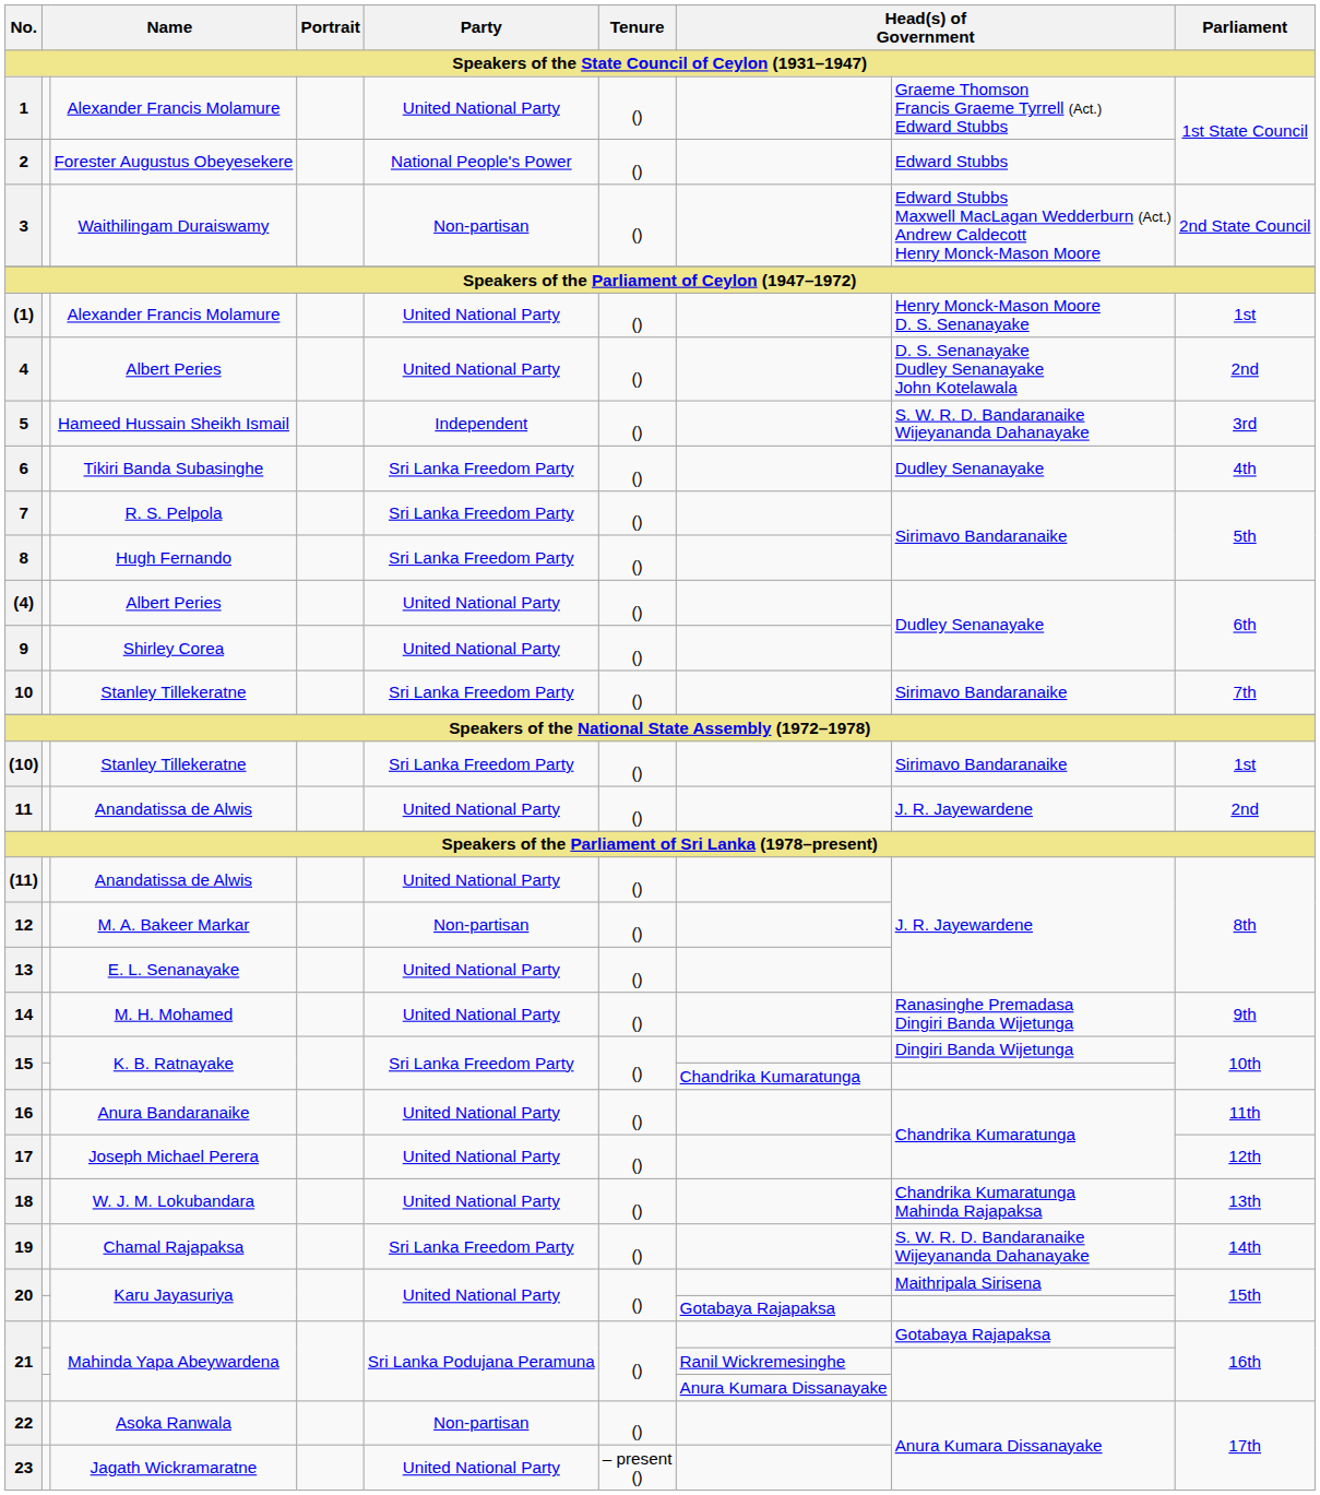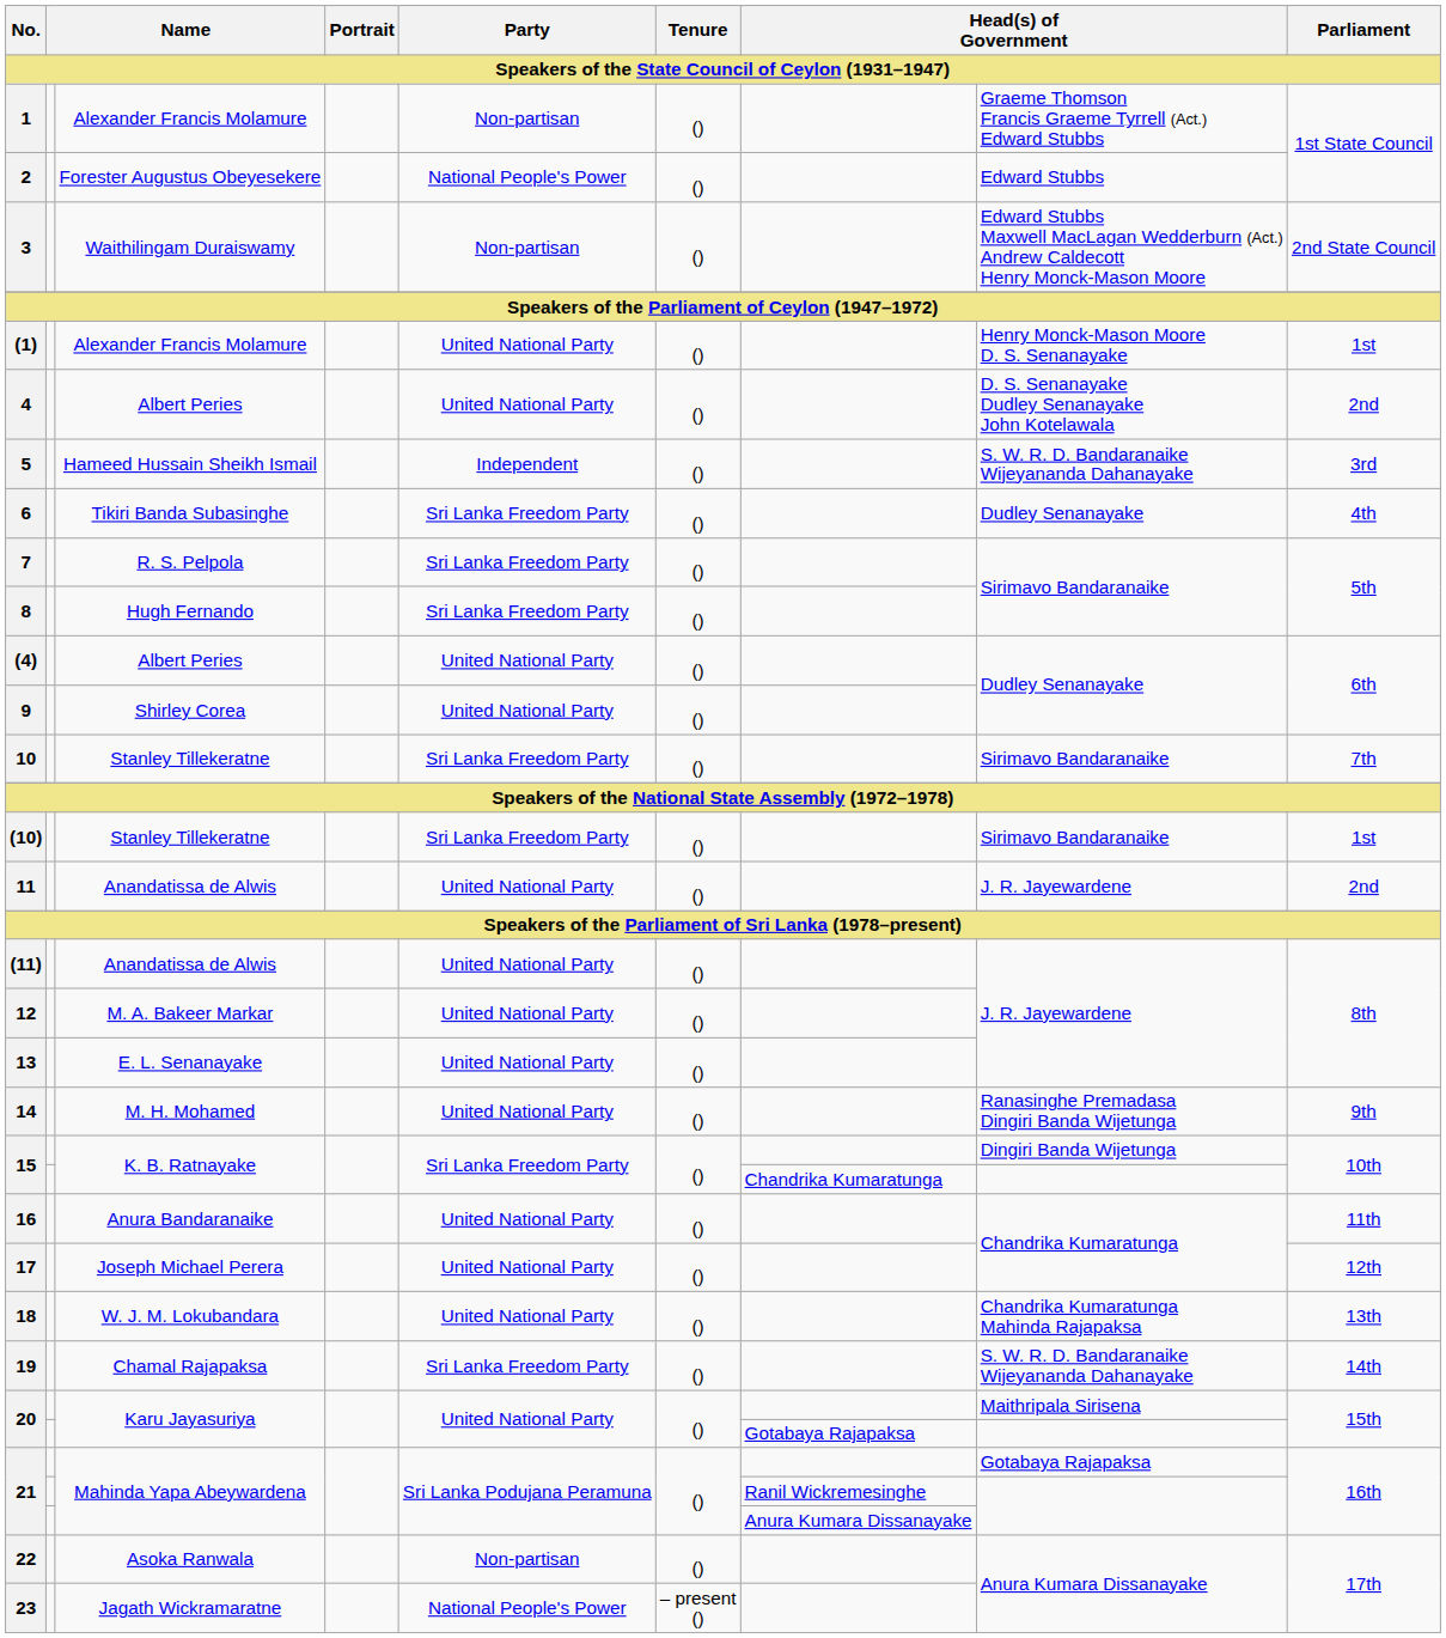 <table class="wikitable sticky-header" style="font-size:90%; text-align:center;">
 <tr>
 <th>No.</th>
 <th colspan="2">Name</th>
 <th>Portrait</th>
 <th>Party</th>
 <th>Tenure</th>
 <th colspan="2">Head(s) of <br> Government</th>
 <th>Parliament</th>
 </tr>
 <tr style="background:#F0E68C;">
 <td colspan="9"><strong>Speakers of the <a href='#'>State Council of Ceylon</a> (1931–1947)</strong></td>
 </tr>
 <tr>
 <th rowspan="1">1</th>
 <td align="center" style="background:"></td>
 <td rowspan="1"><a href='#'>Alexander Francis Molamure</a></td>
 <td rowspan="1"></td>
-<td rowspan="1"><a href='#'>United National Party</a></td>
+<td rowspan="1"><a href='#'>Non-partisan</a></td>
 <td> <br> ()</td>
 <td rowspan="1" style="background: "></td>
 <td rowspan="1" align=left><a href='#'>Graeme Thomson</a> <br> <a href='#'>Francis Graeme Tyrrell</a> <small>(Act.)</small> <br> <a href='#'>Edward Stubbs</a></td>
 <td rowspan="2"><a href='#'>1st State Council</a></td>
 </tr>
 <tr>
 <th rowspan="1">2</th>
 <td align="center" style="background:"></td>
 <td rowspan="1"><a href='#'>Forester Augustus Obeyesekere</a></td>
 <td rowspan="1"></td>
 <td rowspan="1"><a href='#'>National People's Power</a></td>
 <td> <br> ()</td>
 <td rowspan="1" style="background: "></td>
 <td rowspan="1" align=left><a href='#'>Edward Stubbs</a></td>
 </tr>
 <tr>
 <th rowspan="1">3</th>
 <td align="center" style="background:"></td>
 <td rowspan="1"><a href='#'>Waithilingam Duraiswamy</a></td>
 <td rowspan="1"></td>
 <td rowspan="1"><a href='#'>Non-partisan</a></td>
 <td> <br> ()</td>
 <td rowspan="1" style="background: "></td>
 <td rowspan="1" align=left><a href='#'>Edward Stubbs</a> <br> <a href='#'>Maxwell MacLagan Wedderburn</a> <small>(Act.)</small> <br> <a href='#'>Andrew Caldecott</a> <br> <a href='#'>Henry Monck-Mason Moore</a></td>
 <td rowspan="1"><a href='#'>2nd State Council</a></td>
 </tr>
 <tr>
 </tr>
 <tr style="background:#F0E68C;">
 <td colspan="9"><strong>Speakers of the <a href='#'>Parliament of Ceylon</a> (1947–1972)</strong></td>
 </tr>
 <tr>
 <th rowspan="1">(1)</th>
 <td align="center" style="background:"></td>
 <td rowspan="1"><a href='#'>Alexander Francis Molamure</a></td>
 <td rowspan="1"></td>
 <td rowspan="1"><a href='#'>United National Party</a></td>
 <td> <br> ()</td>
 <td rowspan="1" style="background: "></td>
 <td rowspan="1" align=left><a href='#'>Henry Monck-Mason Moore</a> <br> <a href='#'>D. S. Senanayake</a></td>
 <td rowspan="1"><a href='#'>1st</a></td>
 </tr>
 <tr>
 <th rowspan="1">4</th>
 <td align="center" style="background:"></td>
 <td rowspan="1"><a href='#'>Albert Peries</a></td>
 <td rowspan="1"></td>
 <td rowspan="1"><a href='#'>United National Party</a></td>
 <td> <br> ()</td>
 <td rowspan="1" style="background: "></td>
 <td rowspan="1" align=left><a href='#'>D. S. Senanayake</a> <br> <a href='#'>Dudley Senanayake</a> <br> <a href='#'>John Kotelawala</a></td>
 <td rowspan="1"><a href='#'>2nd</a></td>
 </tr>
 <tr>
 <th rowspan="1">5</th>
 <td align="center" style="background:"></td>
 <td rowspan="1"><a href='#'>Hameed Hussain Sheikh Ismail</a></td>
 <td rowspan="1"></td>
 <td rowspan="1"><a href='#'>Independent</a></td>
 <td> <br> ()</td>
 <td rowspan="1" style="background: "></td>
 <td rowspan="1" align=left><a href='#'>S. W. R. D. Bandaranaike</a> <br> <a href='#'>Wijeyananda Dahanayake</a></td>
 <td rowspan="1"><a href='#'>3rd</a></td>
 </tr>
 <tr>
 <th rowspan="1">6</th>
 <td align="center" style="background:"></td>
 <td rowspan="1"><a href='#'>Tikiri Banda Subasinghe</a></td>
 <td rowspan="1"></td>
 <td rowspan="1"><a href='#'>Sri Lanka Freedom Party</a></td>
 <td> <br> ()</td>
 <td rowspan="1" style="background: "></td>
 <td rowspan="1" align=left><a href='#'>Dudley Senanayake</a></td>
 <td rowspan="1"><a href='#'>4th</a></td>
 </tr>
 <tr>
 <th rowspan="1">7</th>
 <td align="center" style="background:"></td>
 <td rowspan="1"><a href='#'>R. S. Pelpola</a></td>
 <td rowspan="1"></td>
 <td rowspan="1"><a href='#'>Sri Lanka Freedom Party</a></td>
 <td> <br> ()</td>
 <td rowspan="1" style="background: "></td>
 <td rowspan="2" align=left><a href='#'>Sirimavo Bandaranaike</a></td>
 <td rowspan="2"><a href='#'>5th</a></td>
 </tr>
 <tr>
 <th rowspan="1">8</th>
 <td align="center" style="background:"></td>
 <td rowspan="1"><a href='#'>Hugh Fernando</a></td>
 <td rowspan="1"></td>
 <td rowspan="1"><a href='#'>Sri Lanka Freedom Party</a></td>
 <td> <br> ()</td>
 <td rowspan="1" style="background: "></td>
 </tr>
 <tr>
 <th rowspan="1">(4)</th>
 <td align="center" style="background:"></td>
 <td rowspan="1"><a href='#'>Albert Peries</a></td>
 <td rowspan="1"></td>
 <td rowspan="1"><a href='#'>United National Party</a></td>
 <td> <br> ()</td>
 <td rowspan="1" style="background: "></td>
 <td rowspan="2" align=left><a href='#'>Dudley Senanayake</a></td>
 <td rowspan="2"><a href='#'>6th</a></td>
 </tr>
 <tr>
 <th rowspan="1">9</th>
 <td align="center" style="background:"></td>
 <td rowspan="1"><a href='#'>Shirley Corea</a></td>
 <td rowspan="1"></td>
 <td rowspan="1"><a href='#'>United National Party</a></td>
 <td> <br> ()</td>
 <td rowspan="1" style="background: "></td>
 </tr>
 <tr>
 <th rowspan="1">10</th>
 <td align="center" style="background:"></td>
 <td rowspan="1"><a href='#'>Stanley Tillekeratne</a></td>
 <td rowspan="1"></td>
 <td rowspan="1"><a href='#'>Sri Lanka Freedom Party</a></td>
 <td> <br> ()</td>
 <td rowspan="1" style="background: "></td>
 <td rowspan="1" align=left><a href='#'>Sirimavo Bandaranaike</a></td>
 <td rowspan="1"><a href='#'>7th</a></td>
 </tr>
 <tr>
 </tr>
 <tr style="background:#F0E68C;">
 <td colspan="9"><strong>Speakers of the <a href='#'>National State Assembly</a> (1972–1978)</strong></td>
 </tr>
 <tr>
 <th rowspan="1">(10)</th>
 <td align="center" style="background:"></td>
 <td rowspan="1"><a href='#'>Stanley Tillekeratne</a></td>
 <td rowspan="1"></td>
 <td rowspan="1"><a href='#'>Sri Lanka Freedom Party</a></td>
 <td> <br> ()</td>
 <td rowspan="1" style="background: "></td>
 <td rowspan="1" align=left><a href='#'>Sirimavo Bandaranaike</a></td>
 <td rowspan="1"><a href='#'>1st</a></td>
 </tr>
 <tr>
 <th rowspan="1">11</th>
 <td align="center" style="background:"></td>
 <td rowspan="1"><a href='#'>Anandatissa de Alwis</a></td>
 <td rowspan="1"></td>
 <td rowspan="1"><a href='#'>United National Party</a></td>
 <td> <br> ()</td>
 <td rowspan="1" style="background: "></td>
 <td rowspan="1" align=left><a href='#'>J. R. Jayewardene</a></td>
 <td rowspan="1"><a href='#'>2nd</a></td>
 </tr>
 <tr>
 </tr>
 <tr style="background:#F0E68C;">
 <td colspan="9"><strong>Speakers of the <a href='#'>Parliament of Sri Lanka</a> (1978–present)</strong></td>
 </tr>
 <tr>
 <th rowspan="1">(11)</th>
 <td align="center" style="background:"></td>
 <td rowspan="1"><a href='#'>Anandatissa de Alwis</a></td>
 <td rowspan="1"></td>
 <td rowspan="1"><a href='#'>United National Party</a></td>
 <td> <br> ()</td>
 <td rowspan="1" style="background: "></td>
 <td rowspan="3" align=left><a href='#'>J. R. Jayewardene</a></td>
 <td rowspan="3"><a href='#'>8th</a></td>
 </tr>
 <tr>
 <th rowspan="1">12</th>
 <td align="center" style="background:"></td>
 <td rowspan="1"><a href='#'>M. A. Bakeer Markar</a></td>
 <td rowspan="1"></td>
-<td rowspan="1"><a href='#'>Non-partisan</a></td>
+<td rowspan="1"><a href='#'>United National Party</a></td>
 <td> <br> ()</td>
 <td rowspan="1" style="background: "></td>
 </tr>
 <tr>
 <th rowspan="1">13</th>
 <td align="center" style="background:"></td>
 <td rowspan="1"><a href='#'>E. L. Senanayake</a></td>
 <td rowspan="1"></td>
 <td rowspan="1"><a href='#'>United National Party</a></td>
 <td> <br> ()</td>
 <td rowspan="1" style="background: "></td>
 </tr>
 <tr>
 <th rowspan="1">14</th>
 <td align="center" style="background:"></td>
 <td rowspan="1"><a href='#'>M. H. Mohamed</a></td>
 <td rowspan="1"></td>
 <td rowspan="1"><a href='#'>United National Party</a></td>
 <td> <br> ()</td>
 <td rowspan="1" style="background: "></td>
 <td rowspan="1" align=left><a href='#'>Ranasinghe Premadasa</a> <br> <a href='#'>Dingiri Banda Wijetunga</a></td>
 <td rowspan="1"><a href='#'>9th</a></td>
 </tr>
 <tr>
 <th rowspan="2">15</th>
 <td align="center" style="background:"></td>
 <td rowspan="2"><a href='#'>K. B. Ratnayake</a></td>
 <td rowspan="2"></td>
 <td rowspan="2"><a href='#'>Sri Lanka Freedom Party</a></td>
 <td rowspan="2"> <br> ()</td>
 <td rowspan="1" style="background: "></td>
 <td rowspan="1" align=left><a href='#'>Dingiri Banda Wijetunga</a></td>
 <td rowspan="2"><a href='#'>10th</a></td>
 </tr>
 <tr>
 <td style="background: "></td>
 <td align=left><a href='#'>Chandrika Kumaratunga</a></td>
 </tr>
 <tr>
 <th rowspan="1">16</th>
 <td align="center" style="background:"></td>
 <td rowspan="1"><a href='#'>Anura Bandaranaike</a></td>
 <td rowspan="1"></td>
 <td rowspan="1"><a href='#'>United National Party</a></td>
 <td> <br> ()</td>
 <td rowspan="1" style="background: "></td>
 <td rowspan="2" align=left><a href='#'>Chandrika Kumaratunga</a></td>
 <td rowspan="1"><a href='#'>11th</a></td>
 </tr>
 <tr>
 <th rowspan="1">17</th>
 <td align="center" style="background:"></td>
 <td rowspan="1"><a href='#'>Joseph Michael Perera</a></td>
 <td rowspan="1"></td>
 <td rowspan="1"><a href='#'>United National Party</a></td>
 <td> <br> ()</td>
 <td rowspan="1" style="background: "></td>
 <td rowspan="1"><a href='#'>12th</a></td>
 </tr>
 <tr>
 <th rowspan="1">18</th>
 <td align="center" style="background:"></td>
 <td rowspan="1"><a href='#'>W. J. M. Lokubandara</a></td>
 <td rowspan="1"></td>
 <td rowspan="1"><a href='#'>United National Party</a></td>
 <td> <br> ()</td>
 <td rowspan="1" style="background: "></td>
 <td rowspan="1" align=left><a href='#'>Chandrika Kumaratunga</a> <br> <a href='#'>Mahinda Rajapaksa</a></td>
 <td rowspan="1"><a href='#'>13th</a></td>
 </tr>
 <tr>
 <th rowspan="1">19</th>
 <td align="center" style="background:"></td>
 <td rowspan="1"><a href='#'>Chamal Rajapaksa</a></td>
 <td rowspan="1"></td>
 <td rowspan="1"><a href='#'>Sri Lanka Freedom Party</a></td>
 <td> <br> ()</td>
 <td rowspan="1" style="background: "></td>
 <td rowspan="1" align=left><a href='#'>S. W. R. D. Bandaranaike</a> <br> <a href='#'>Wijeyananda Dahanayake</a></td>
 <td rowspan="1"><a href='#'>14th</a></td>
 </tr>
 <tr>
 <th rowspan="2">20</th>
 <td align="center" style="background:"></td>
 <td rowspan="2"><a href='#'>Karu Jayasuriya</a></td>
 <td rowspan="2"></td>
 <td rowspan="2"><a href='#'>United National Party</a></td>
 <td rowspan="2"> <br> ()</td>
 <td rowspan="1" style="background: "></td>
 <td rowspan="1" align=left><a href='#'>Maithripala Sirisena</a></td>
 <td rowspan="2"><a href='#'>15th</a></td>
 </tr>
 <tr>
 <td style="background: "></td>
 <td align=left><a href='#'>Gotabaya Rajapaksa</a></td>
 </tr>
 <tr>
 <th rowspan="3">21</th>
 <td align="center" style="background:"></td>
 <td rowspan="3"><a href='#'>Mahinda Yapa Abeywardena</a></td>
 <td rowspan="3"></td>
 <td rowspan="3"><a href='#'>Sri Lanka Podujana Peramuna</a></td>
 <td rowspan="3"> <br> ()</td>
 <td rowspan="1" style="background: "></td>
 <td rowspan="1" align=left><a href='#'>Gotabaya Rajapaksa</a></td>
 <td rowspan="3"><a href='#'>16th</a></td>
 </tr>
 <tr>
 <td style="background: "></td>
 <td align=left><a href='#'>Ranil Wickremesinghe</a></td>
 </tr>
 <tr>
 <td style="background: "></td>
 <td align=left><a href='#'>Anura Kumara Dissanayake</a></td>
 </tr>
 <tr>
 <th rowspan="1">22</th>
 <td align="center" style="background:"></td>
 <td rowspan="1"><a href='#'>Asoka Ranwala</a></td>
 <td rowspan="1"></td>
 <td rowspan="1"><a href='#'>Non-partisan</a></td>
 <td> <br> ()</td>
 <td rowspan="1" style="background: "></td>
 <td rowspan="2" align=left><a href='#'>Anura Kumara Dissanayake</a></td>
 <td rowspan="2"><a href='#'>17th</a></td>
 </tr>
 <tr>
 <th rowspan="1">23</th>
 <td align="center" style="background:"></td>
 <td rowspan="1"><a href='#'>Jagath Wickramaratne</a></td>
 <td rowspan="1"></td>
-<td rowspan="1"><a href='#'>United National Party</a></td>
+<td rowspan="1"><a href='#'>National People's Power</a></td>
 <td> – present <br> ()</td>
 <td rowspan="1" style="background: "></td>
 </tr>
 </table>
